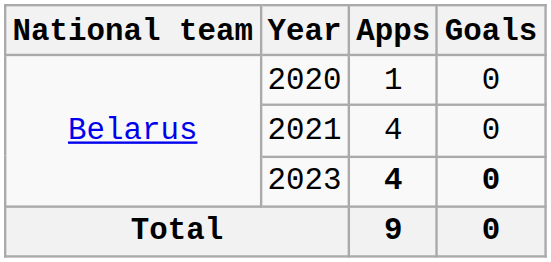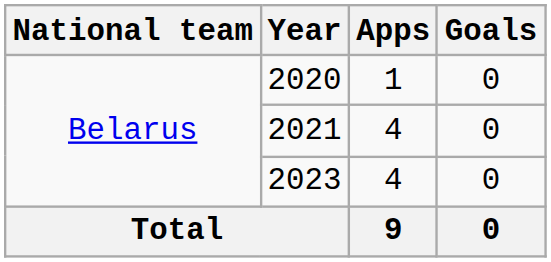 <table class=wikitable style=text-align:center>
 <tr>
 <th>National team</th>
 <th>Year</th>
 <th>Apps</th>
 <th>Goals</th>
 </tr>
 <tr>
 <td rowspan="3"><a href='#'>Belarus</a></td>
 <td>2020</td>
 <td>1</td>
 <td>0</td>
 </tr>
 <tr>
 <td>2021</td>
 <td>4</td>
 <td>0</td>
 </tr>
 <tr>
 <td>2023</td>
-<td><strong>4</strong></td>
-<td><strong>0</strong></td>
+<td>4</td>
+<td>0</td>
 </tr>
 <tr>
 <th colspan=2>Total</th>
 <th>9</th>
 <th>0</th>
 </tr>
 </table>
